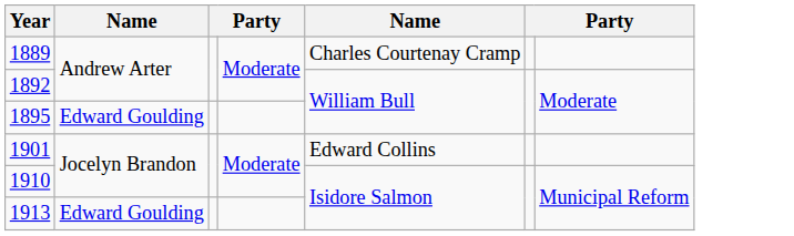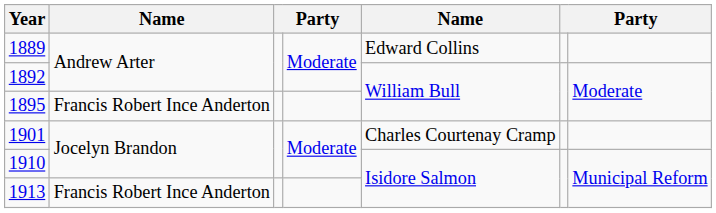 <table class="wikitable">
 <tr>
 <th>Year</th>
 <th>Name</th>
 <th colspan=2>Party</th>
 <th>Name</th>
 <th colspan=2>Party</th>
 </tr>
 <tr>
 <td><a href='#'>1889</a></td>
 <td rowspan=2>Andrew Arter</td>
 <td rowspan=2 style="background-color: "></td>
 <td rowspan=2><a href='#'>Moderate</a></td>
-<td>Charles Courtenay Cramp</td>
+<td>Edward Collins</td>
 <td></td>
 </tr>
 <tr>
 <td><a href='#'>1892</a></td>
 <td rowspan=2><a href='#'>William Bull</a></td>
 <td rowspan=2 style="background-color: "></td>
 <td rowspan=2><a href='#'>Moderate</a></td>
 </tr>
 <tr>
 <td><a href='#'>1895</a></td>
-<td><a href='#'>Edward Goulding</a></td>
+<td>Francis Robert Ince Anderton</td>
 <td></td>
 </tr>
 <tr>
 <td><a href='#'>1901</a></td>
 <td rowspan=2>Jocelyn Brandon</td>
 <td rowspan=2 style="background-color: "></td>
 <td rowspan=2><a href='#'>Moderate</a></td>
-<td>Edward Collins</td>
+<td>Charles Courtenay Cramp</td>
 <td></td>
 </tr>
 <tr>
 <td><a href='#'>1910</a></td>
 <td rowspan=2><a href='#'>Isidore Salmon</a></td>
 <td rowspan=2 style="background-color: "></td>
 <td rowspan=2><a href='#'>Municipal Reform</a></td>
 </tr>
 <tr>
 <td><a href='#'>1913</a></td>
-<td><a href='#'>Edward Goulding</a></td>
+<td>Francis Robert Ince Anderton</td>
 <td></td>
 </tr>
 </table>
